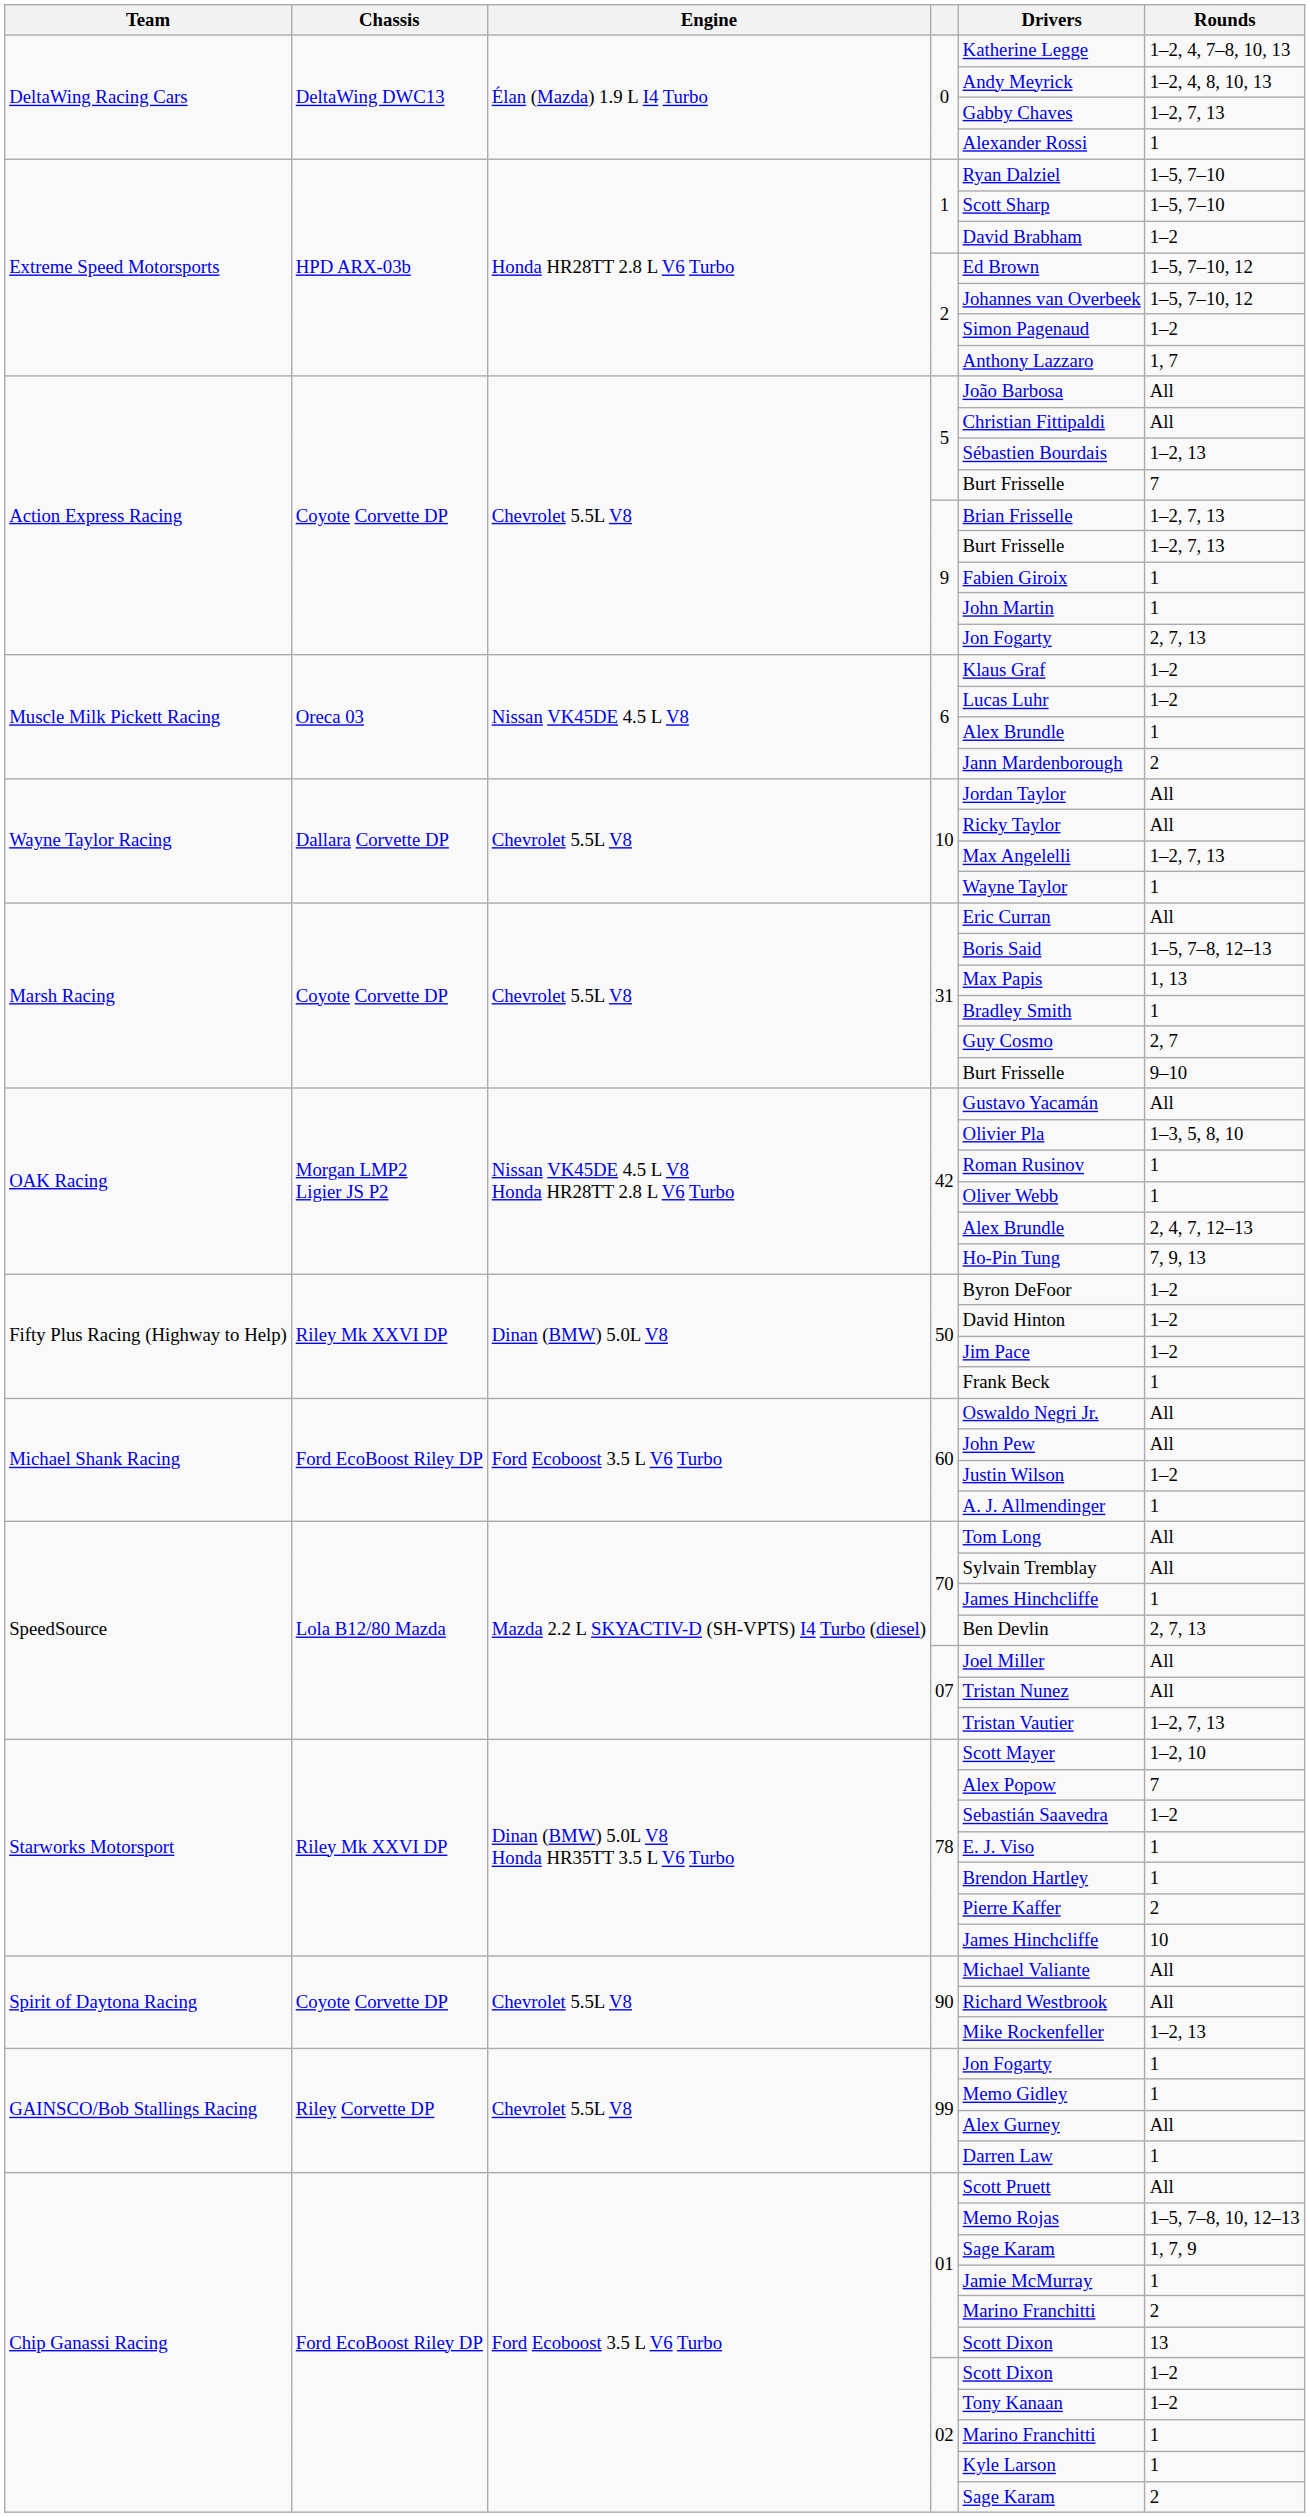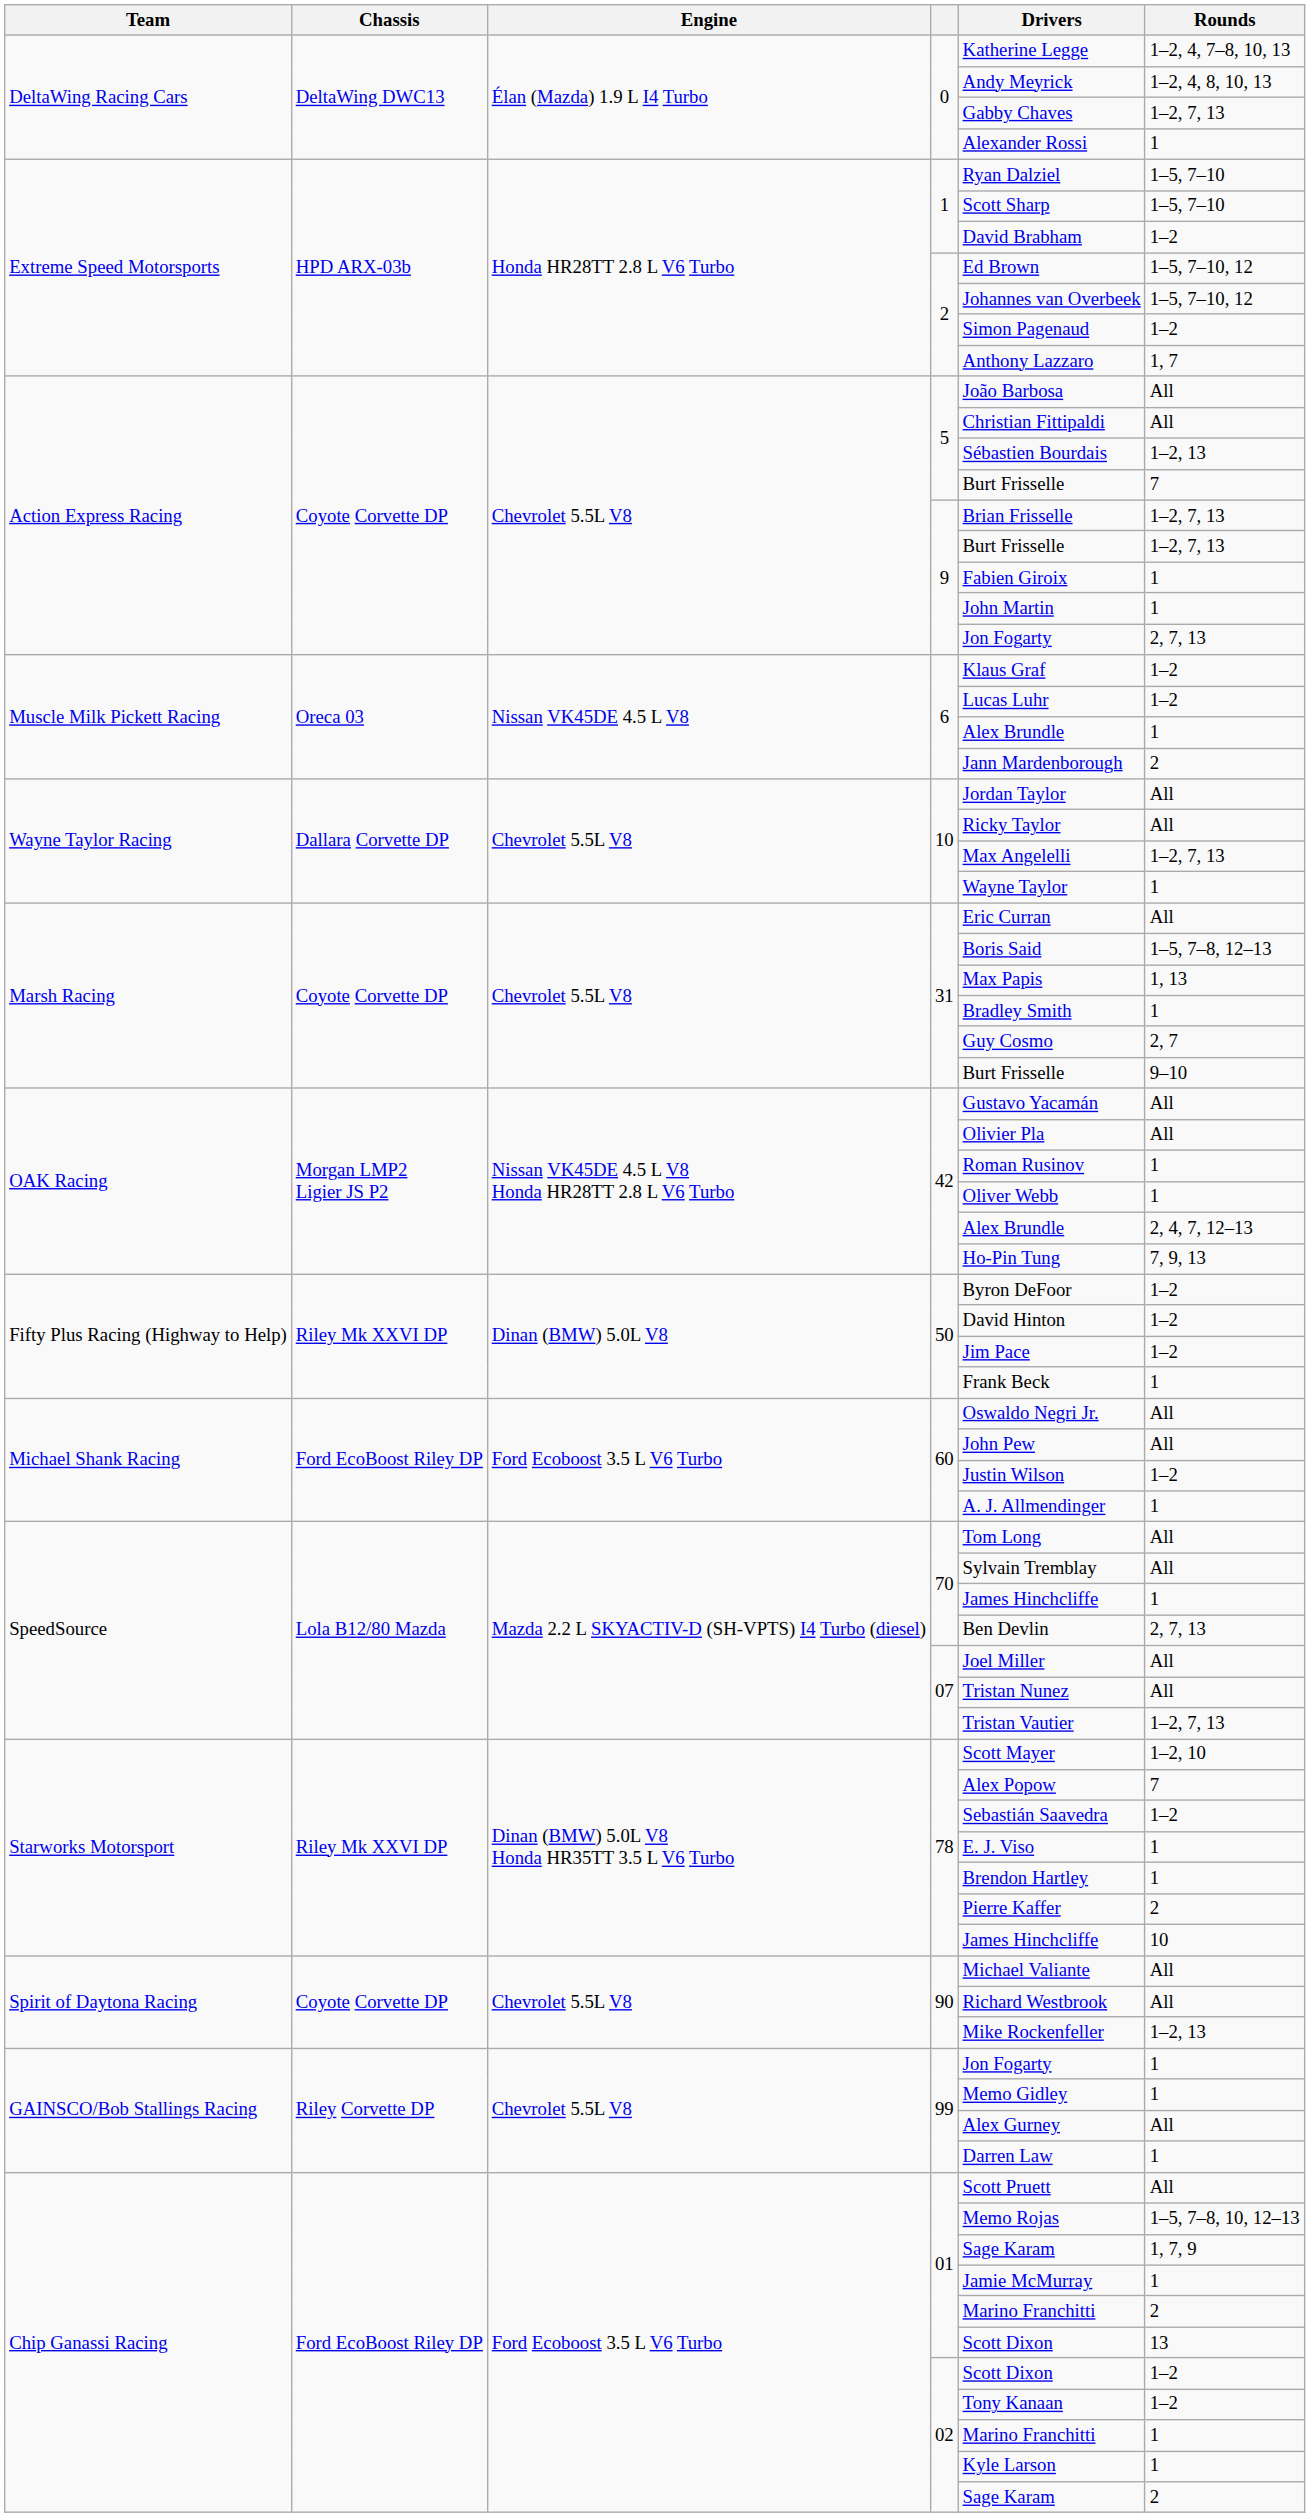 <table class="wikitable" style="font-size: 85%">
 <tr>
 <th>Team</th>
 <th>Chassis</th>
 <th>Engine</th>
 <th></th>
 <th>Drivers</th>
 <th>Rounds</th>
 </tr>
 <tr>
 <td rowspan=4> <a href='#'>DeltaWing Racing Cars</a></td>
 <td rowspan=4><a href='#'>DeltaWing DWC13</a></td>
 <td rowspan=4><a href='#'>Élan</a> (<a href='#'>Mazda</a>) 1.9 L <a href='#'>I4</a> <a href='#'>Turbo</a></td>
 <td rowspan=4 align="center">0</td>
 <td> <a href='#'>Katherine Legge</a></td>
 <td>1–2, 4, 7–8, 10, 13</td>
 </tr>
 <tr>
 <td> <a href='#'>Andy Meyrick</a></td>
 <td>1–2, 4, 8, 10, 13</td>
 </tr>
 <tr>
 <td> <a href='#'>Gabby Chaves</a></td>
 <td>1–2, 7, 13</td>
 </tr>
 <tr>
 <td> <a href='#'>Alexander Rossi</a></td>
 <td>1</td>
 </tr>
 <tr>
 <td rowspan=7> <a href='#'>Extreme Speed Motorsports</a></td>
 <td rowspan=7><a href='#'>HPD ARX-03b</a></td>
 <td rowspan=7><a href='#'>Honda</a> HR28TT 2.8 L <a href='#'>V6</a> <a href='#'>Turbo</a></td>
 <td rowspan=3 align="center">1</td>
 <td> <a href='#'>Ryan Dalziel</a></td>
 <td>1–5, 7–10</td>
 </tr>
 <tr>
 <td> <a href='#'>Scott Sharp</a></td>
 <td>1–5, 7–10</td>
 </tr>
 <tr>
 <td> <a href='#'>David Brabham</a></td>
 <td>1–2</td>
 </tr>
 <tr>
 <td rowspan=4 align="center">2</td>
 <td> <a href='#'>Ed Brown</a></td>
 <td>1–5, 7–10, 12</td>
 </tr>
 <tr>
 <td> <a href='#'>Johannes van Overbeek</a></td>
 <td>1–5, 7–10, 12</td>
 </tr>
 <tr>
 <td> <a href='#'>Simon Pagenaud</a></td>
 <td>1–2</td>
 </tr>
 <tr>
 <td> <a href='#'>Anthony Lazzaro</a></td>
 <td>1, 7</td>
 </tr>
 <tr>
 <td rowspan=9> <a href='#'>Action Express Racing</a></td>
 <td rowspan=9><a href='#'>Coyote</a> <a href='#'>Corvette DP</a></td>
 <td rowspan=9><a href='#'>Chevrolet</a> 5.5L <a href='#'>V8</a></td>
 <td rowspan=4 align="center">5</td>
 <td> <a href='#'>João Barbosa</a></td>
 <td>All</td>
 </tr>
 <tr>
 <td> <a href='#'>Christian Fittipaldi</a></td>
 <td>All</td>
 </tr>
 <tr>
 <td> <a href='#'>Sébastien Bourdais</a></td>
 <td>1–2, 13</td>
 </tr>
 <tr>
 <td> Burt Frisselle</td>
 <td>7</td>
 </tr>
 <tr>
 <td rowspan=5 align="center">9</td>
 <td> <a href='#'>Brian Frisselle</a></td>
 <td>1–2, 7, 13</td>
 </tr>
 <tr>
 <td> Burt Frisselle</td>
 <td>1–2, 7, 13</td>
 </tr>
 <tr>
 <td> <a href='#'>Fabien Giroix</a></td>
 <td>1</td>
 </tr>
 <tr>
 <td> <a href='#'>John Martin</a></td>
 <td>1</td>
 </tr>
 <tr>
 <td> <a href='#'>Jon Fogarty</a></td>
 <td>2, 7, 13</td>
 </tr>
 <tr>
 <td rowspan=4> <a href='#'>Muscle Milk Pickett Racing</a></td>
 <td rowspan=4><a href='#'>Oreca 03</a></td>
 <td rowspan=4><a href='#'>Nissan</a> <a href='#'>VK45DE</a> 4.5 L <a href='#'>V8</a></td>
 <td rowspan=4 align="center">6</td>
 <td> <a href='#'>Klaus Graf</a></td>
 <td>1–2</td>
 </tr>
 <tr>
 <td> <a href='#'>Lucas Luhr</a></td>
 <td>1–2</td>
 </tr>
 <tr>
 <td> <a href='#'>Alex Brundle</a></td>
 <td>1</td>
 </tr>
 <tr>
 <td> <a href='#'>Jann Mardenborough</a></td>
 <td>2</td>
 </tr>
 <tr>
 <td rowspan=4> <a href='#'>Wayne Taylor Racing</a></td>
 <td rowspan=4><a href='#'>Dallara</a> <a href='#'>Corvette DP</a></td>
 <td rowspan=4><a href='#'>Chevrolet</a> 5.5L <a href='#'>V8</a></td>
 <td rowspan=4 align="center">10</td>
 <td> <a href='#'>Jordan Taylor</a></td>
 <td>All</td>
 </tr>
 <tr>
 <td> <a href='#'>Ricky Taylor</a></td>
 <td>All</td>
 </tr>
 <tr>
 <td> <a href='#'>Max Angelelli</a></td>
 <td>1–2, 7, 13</td>
 </tr>
 <tr>
 <td> <a href='#'>Wayne Taylor</a></td>
 <td>1</td>
 </tr>
 <tr>
 <td rowspan=6> <a href='#'>Marsh Racing</a></td>
 <td rowspan=6><a href='#'>Coyote</a> <a href='#'>Corvette DP</a></td>
 <td rowspan=6><a href='#'>Chevrolet</a> 5.5L <a href='#'>V8</a></td>
 <td rowspan=6 align="center">31</td>
 <td> <a href='#'>Eric Curran</a></td>
 <td>All</td>
 </tr>
 <tr>
 <td> <a href='#'>Boris Said</a></td>
 <td>1–5, 7–8, 12–13</td>
 </tr>
 <tr>
 <td> <a href='#'>Max Papis</a></td>
 <td>1, 13</td>
 </tr>
 <tr>
 <td> <a href='#'>Bradley Smith</a></td>
 <td>1</td>
 </tr>
 <tr>
 <td> <a href='#'>Guy Cosmo</a></td>
 <td>2, 7</td>
 </tr>
 <tr>
 <td> Burt Frisselle</td>
 <td>9–10</td>
 </tr>
 <tr>
 <td rowspan=6> <a href='#'>OAK Racing</a></td>
 <td rowspan=6><a href='#'>Morgan LMP2</a> <small></small><br><a href='#'>Ligier JS P2</a> <small></small></td>
 <td rowspan=6><a href='#'>Nissan</a> <a href='#'>VK45DE</a> 4.5 L <a href='#'>V8</a> <small></small><br><a href='#'>Honda</a> HR28TT 2.8 L <a href='#'>V6</a> <a href='#'>Turbo</a> <small></small></td>
 <td rowspan=6 align="center">42</td>
 <td> <a href='#'>Gustavo Yacamán</a></td>
 <td>All</td>
 </tr>
 <tr>
 <td> <a href='#'>Olivier Pla</a></td>
-<td>1–3, 5, 8, 10</td>
+<td>All</td>
 </tr>
 <tr>
 <td> <a href='#'>Roman Rusinov</a></td>
 <td>1</td>
 </tr>
 <tr>
 <td> <a href='#'>Oliver Webb</a></td>
 <td>1</td>
 </tr>
 <tr>
 <td> <a href='#'>Alex Brundle</a></td>
 <td>2, 4, 7, 12–13</td>
 </tr>
 <tr>
 <td> <a href='#'>Ho-Pin Tung</a></td>
 <td>7, 9, 13</td>
 </tr>
 <tr>
 <td rowspan=4> Fifty Plus Racing (Highway to Help)</td>
 <td rowspan=4><a href='#'>Riley Mk XXVI DP</a></td>
 <td rowspan=4><a href='#'>Dinan</a> (<a href='#'>BMW</a>) 5.0L <a href='#'>V8</a></td>
 <td rowspan=4 align="center">50</td>
 <td> Byron DeFoor</td>
 <td>1–2</td>
 </tr>
 <tr>
 <td> David Hinton</td>
 <td>1–2</td>
 </tr>
 <tr>
 <td> <a href='#'>Jim Pace</a></td>
 <td>1–2</td>
 </tr>
 <tr>
 <td> Frank Beck</td>
 <td>1</td>
 </tr>
 <tr>
 <td rowspan=4> <a href='#'>Michael Shank Racing</a></td>
 <td rowspan=4><a href='#'>Ford EcoBoost Riley DP</a></td>
 <td rowspan=4><a href='#'>Ford</a> <a href='#'>Ecoboost</a> 3.5 L  <a href='#'>V6</a> <a href='#'>Turbo</a></td>
 <td rowspan=4 align="center">60</td>
 <td> <a href='#'>Oswaldo Negri Jr.</a></td>
 <td>All</td>
 </tr>
 <tr>
 <td> <a href='#'>John Pew</a></td>
 <td>All</td>
 </tr>
 <tr>
 <td> <a href='#'>Justin Wilson</a></td>
 <td>1–2</td>
 </tr>
 <tr>
 <td> <a href='#'>A. J. Allmendinger</a></td>
 <td>1</td>
 </tr>
 <tr>
 <td rowspan=7> SpeedSource</td>
 <td rowspan=7><a href='#'>Lola B12/80 Mazda</a></td>
 <td rowspan=7><a href='#'>Mazda</a> 2.2 L <a href='#'>SKYACTIV-D</a> (SH-VPTS) <a href='#'>I4</a> <a href='#'>Turbo</a> (<a href='#'>diesel</a>)</td>
 <td rowspan=4 align="center">70</td>
 <td> <a href='#'>Tom Long</a></td>
 <td>All</td>
 </tr>
 <tr>
 <td> Sylvain Tremblay</td>
 <td>All</td>
 </tr>
 <tr>
 <td> <a href='#'>James Hinchcliffe</a></td>
 <td>1</td>
 </tr>
 <tr>
 <td> Ben Devlin</td>
 <td>2, 7, 13</td>
 </tr>
 <tr>
 <td rowspan=3 align="center">07</td>
 <td> <a href='#'>Joel Miller</a></td>
 <td>All</td>
 </tr>
 <tr>
 <td> <a href='#'>Tristan Nunez</a></td>
 <td>All</td>
 </tr>
 <tr>
 <td> <a href='#'>Tristan Vautier</a></td>
 <td>1–2, 7, 13</td>
 </tr>
 <tr>
 <td rowspan=7> <a href='#'>Starworks Motorsport</a></td>
 <td rowspan=7><a href='#'>Riley Mk XXVI DP</a></td>
 <td rowspan=7><a href='#'>Dinan</a> (<a href='#'>BMW</a>) 5.0L <a href='#'>V8</a> <small></small><br><a href='#'>Honda</a> HR35TT 3.5 L <a href='#'>V6</a> <a href='#'>Turbo</a> <small></small></td>
 <td rowspan=7 align="center">78</td>
 <td> <a href='#'>Scott Mayer</a></td>
 <td>1–2, 10</td>
 </tr>
 <tr>
 <td> <a href='#'>Alex Popow</a></td>
 <td>7</td>
 </tr>
 <tr>
 <td> <a href='#'>Sebastián Saavedra</a></td>
 <td>1–2</td>
 </tr>
 <tr>
 <td> <a href='#'>E. J. Viso</a></td>
 <td>1</td>
 </tr>
 <tr>
 <td> <a href='#'>Brendon Hartley</a></td>
 <td>1</td>
 </tr>
 <tr>
 <td> <a href='#'>Pierre Kaffer</a></td>
 <td>2</td>
 </tr>
 <tr>
 <td> <a href='#'>James Hinchcliffe</a></td>
 <td>10</td>
 </tr>
 <tr>
 <td rowspan=3> <a href='#'>Spirit of Daytona Racing</a></td>
 <td rowspan=3><a href='#'>Coyote</a> <a href='#'>Corvette DP</a></td>
 <td rowspan=3><a href='#'>Chevrolet</a> 5.5L <a href='#'>V8</a></td>
 <td rowspan=3 align="center">90</td>
 <td> <a href='#'>Michael Valiante</a></td>
 <td>All</td>
 </tr>
 <tr>
 <td> <a href='#'>Richard Westbrook</a></td>
 <td>All</td>
 </tr>
 <tr>
 <td> <a href='#'>Mike Rockenfeller</a></td>
 <td>1–2, 13</td>
 </tr>
 <tr>
 <td rowspan=4> <a href='#'>GAINSCO/Bob Stallings Racing</a></td>
 <td rowspan=4><a href='#'>Riley</a> <a href='#'>Corvette DP</a></td>
 <td rowspan=4><a href='#'>Chevrolet</a> 5.5L <a href='#'>V8</a></td>
 <td rowspan=4 align="center">99</td>
 <td> <a href='#'>Jon Fogarty</a></td>
 <td>1</td>
 </tr>
 <tr>
 <td> <a href='#'>Memo Gidley</a></td>
 <td>1</td>
 </tr>
 <tr>
 <td> <a href='#'>Alex Gurney</a></td>
 <td>All</td>
 </tr>
 <tr>
 <td> <a href='#'>Darren Law</a></td>
 <td>1</td>
 </tr>
 <tr>
 <td rowspan=11> <a href='#'>Chip Ganassi Racing</a></td>
 <td rowspan=11><a href='#'>Ford EcoBoost Riley DP</a></td>
 <td rowspan=11><a href='#'>Ford</a> <a href='#'>Ecoboost</a> 3.5 L  <a href='#'>V6</a> <a href='#'>Turbo</a></td>
 <td rowspan=6 align="center">01</td>
 <td> <a href='#'>Scott Pruett</a></td>
 <td>All</td>
 </tr>
 <tr>
 <td> <a href='#'>Memo Rojas</a></td>
 <td>1–5, 7–8, 10, 12–13</td>
 </tr>
 <tr>
 <td> <a href='#'>Sage Karam</a></td>
 <td>1, 7, 9</td>
 </tr>
 <tr>
 <td> <a href='#'>Jamie McMurray</a></td>
 <td>1</td>
 </tr>
 <tr>
 <td> <a href='#'>Marino Franchitti</a></td>
 <td>2</td>
 </tr>
 <tr>
 <td> <a href='#'>Scott Dixon</a></td>
 <td>13</td>
 </tr>
 <tr>
 <td rowspan=5 align="center">02</td>
 <td> <a href='#'>Scott Dixon</a></td>
 <td>1–2</td>
 </tr>
 <tr>
 <td> <a href='#'>Tony Kanaan</a></td>
 <td>1–2</td>
 </tr>
 <tr>
 <td> <a href='#'>Marino Franchitti</a></td>
 <td>1</td>
 </tr>
 <tr>
 <td> <a href='#'>Kyle Larson</a></td>
 <td>1</td>
 </tr>
 <tr>
 <td> <a href='#'>Sage Karam</a></td>
 <td>2</td>
 </tr>
 </table>
